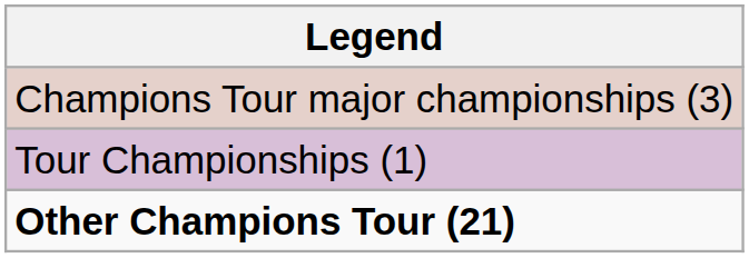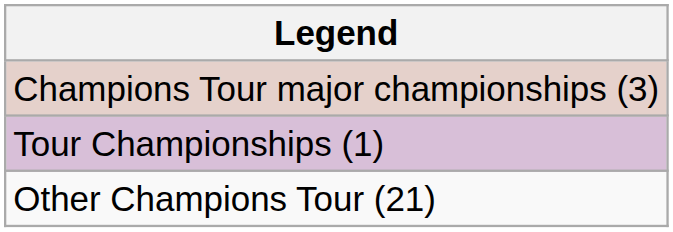 <table class="wikitable" style="font-size:95%;">
 <tr>
 <th>Legend</th>
 </tr>
 <tr style="background:#e5d1cb;">
 <td>Champions Tour major championships (3)</td>
 </tr>
 <tr style="background:thistle;">
 <td>Tour Championships (1)</td>
 </tr>
 <tr>
-<td><strong>Other Champions Tour (21)</strong></td>
+<td>Other Champions Tour (21)</td>
 </tr>
 </table>
